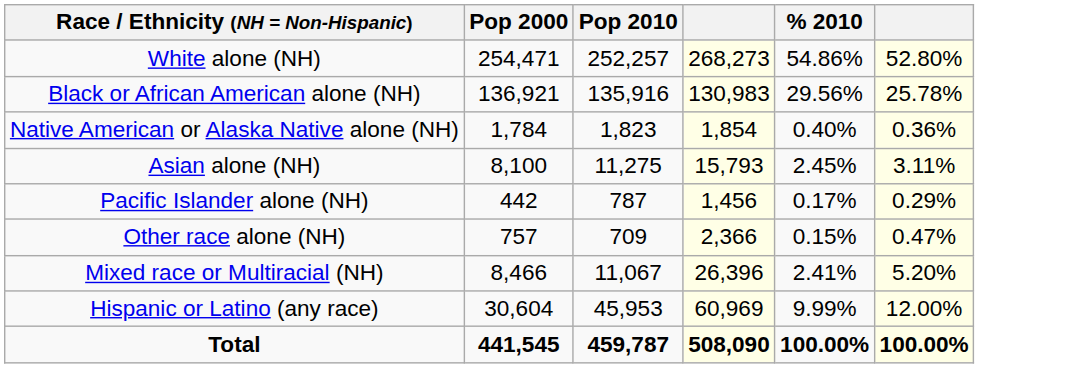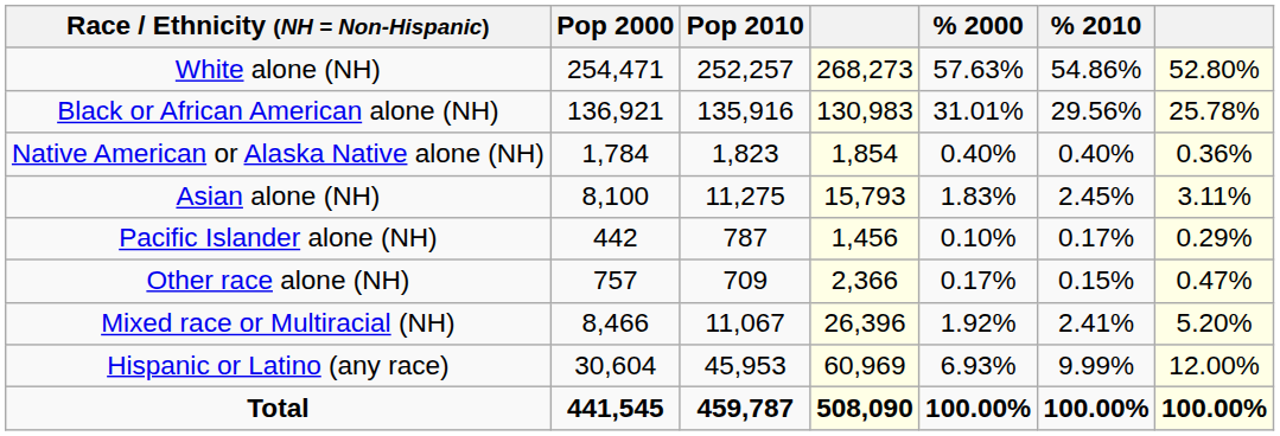 <table class="wikitable" style="text-align:center;">
 <tr>
 <th>Race / Ethnicity <small>(<em>NH = Non-Hispanic</em>)</small></th>
 <th>Pop 2000</th>
 <th>Pop 2010</th>
 <th></th>
+<th>% 2000</th>
 <th>% 2010</th>
 <th></th>
 </tr>
 <tr>
 <td><a href='#'>White</a> alone (NH)</td>
 <td>254,471</td>
 <td>252,257</td>
 <td style='background: #ffffe6;'>268,273</td>
+<td>57.63%</td>
 <td>54.86%</td>
 <td style='background: #ffffe6;'>52.80%</td>
 </tr>
 <tr>
 <td><a href='#'>Black or African American</a> alone (NH)</td>
 <td>136,921</td>
 <td>135,916</td>
 <td style='background: #ffffe6;'>130,983</td>
+<td>31.01%</td>
 <td>29.56%</td>
 <td style='background: #ffffe6;'>25.78%</td>
 </tr>
 <tr>
 <td><a href='#'>Native American</a> or <a href='#'>Alaska Native</a> alone (NH)</td>
 <td>1,784</td>
 <td>1,823</td>
 <td style='background: #ffffe6;'>1,854</td>
 <td>0.40%</td>
+<td>0.40%</td>
 <td style='background: #ffffe6;'>0.36%</td>
 </tr>
 <tr>
 <td><a href='#'>Asian</a> alone (NH)</td>
 <td>8,100</td>
 <td>11,275</td>
 <td style='background: #ffffe6;'>15,793</td>
+<td>1.83%</td>
 <td>2.45%</td>
 <td style='background: #ffffe6;'>3.11%</td>
 </tr>
 <tr>
 <td><a href='#'>Pacific Islander</a> alone (NH)</td>
 <td>442</td>
 <td>787</td>
 <td style='background: #ffffe6;'>1,456</td>
+<td>0.10%</td>
 <td>0.17%</td>
 <td style='background: #ffffe6;'>0.29%</td>
 </tr>
 <tr>
 <td><a href='#'>Other race</a> alone (NH)</td>
 <td>757</td>
 <td>709</td>
 <td style='background: #ffffe6;'>2,366</td>
+<td>0.17%</td>
 <td>0.15%</td>
 <td style='background: #ffffe6;'>0.47%</td>
 </tr>
 <tr>
 <td><a href='#'>Mixed race or Multiracial</a> (NH)</td>
 <td>8,466</td>
 <td>11,067</td>
 <td style='background: #ffffe6;'>26,396</td>
+<td>1.92%</td>
 <td>2.41%</td>
 <td style='background: #ffffe6;'>5.20%</td>
 </tr>
 <tr>
 <td><a href='#'>Hispanic or Latino</a> (any race)</td>
 <td>30,604</td>
 <td>45,953</td>
 <td style='background: #ffffe6;'>60,969</td>
+<td>6.93%</td>
 <td>9.99%</td>
 <td style='background: #ffffe6;'>12.00%</td>
 </tr>
 <tr>
 <td><strong>Total</strong></td>
 <td><strong>441,545</strong></td>
 <td><strong>459,787</strong></td>
 <td style='background: #ffffe6;'><strong>508,090</strong></td>
 <td><strong>100.00%</strong></td>
+<td><strong>100.00%</strong></td>
 <td style='background: #ffffe6;'><strong>100.00%</strong></td>
 </tr>
 </table>
